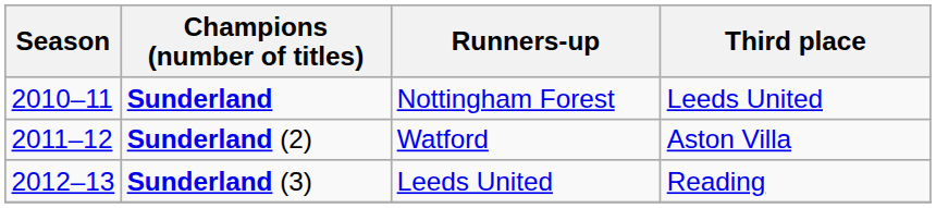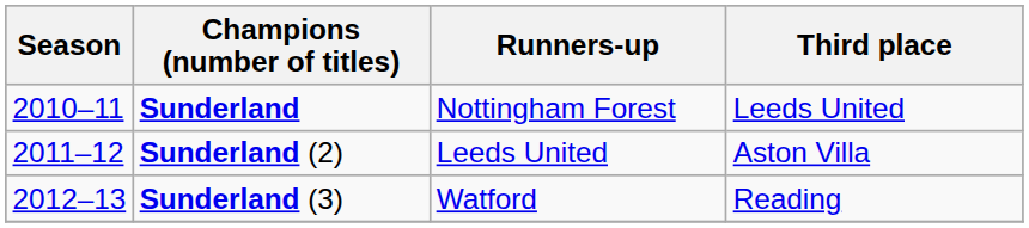 <table class="wikitable sortable" style="font-size:90%;">
 <tr>
 <th>Season</th>
 <th style="width: 140px;">Champions<br>(number of titles)</th>
 <th style="width: 140px;">Runners-up</th>
 <th style="width: 140px;">Third place</th>
 </tr>
 <tr>
 <td><a href='#'>2010–11</a></td>
 <td><strong><a href='#'>Sunderland</a></strong></td>
 <td><a href='#'>Nottingham Forest</a></td>
 <td><a href='#'>Leeds United</a></td>
 </tr>
 <tr>
 <td><a href='#'>2011–12</a></td>
 <td><strong><a href='#'>Sunderland</a></strong> (2)</td>
-<td><a href='#'>Watford</a></td>
+<td><a href='#'>Leeds United</a></td>
 <td><a href='#'>Aston Villa</a></td>
 </tr>
 <tr>
 <td><a href='#'>2012–13</a></td>
 <td><strong><a href='#'>Sunderland</a></strong> (3)</td>
-<td><a href='#'>Leeds United</a></td>
+<td><a href='#'>Watford</a></td>
 <td><a href='#'>Reading</a></td>
 </tr>
 <tr>
 </tr>
 </table>
